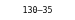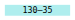 <table style="text-align:center">
 <tr>
 <th width=200></th>
 <th width=100></th>
 <th width=200></th>
 </tr>
 <tr>
 <td align=right></td>
-<td>130–35</td>
+<td style="background: paleturquoise;">130–35</td>
 <td align=left></td>
 </tr>
 </table>
